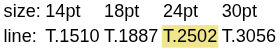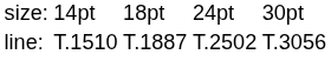 <table style="margin-left:40px;">
 <tr>
 <td>size:</td>
 <td>14pt</td>
 <td>18pt</td>
 <td>24pt</td>
 <td>30pt</td>
 </tr>
 <tr>
 <td>line:</td>
 <td>T.1510</td>
 <td>T.1887</td>
-<td style="background: khaki;">T.2502</td>
+<td>T.2502</td>
 <td>T.3056</td>
 </tr>
 </table>
